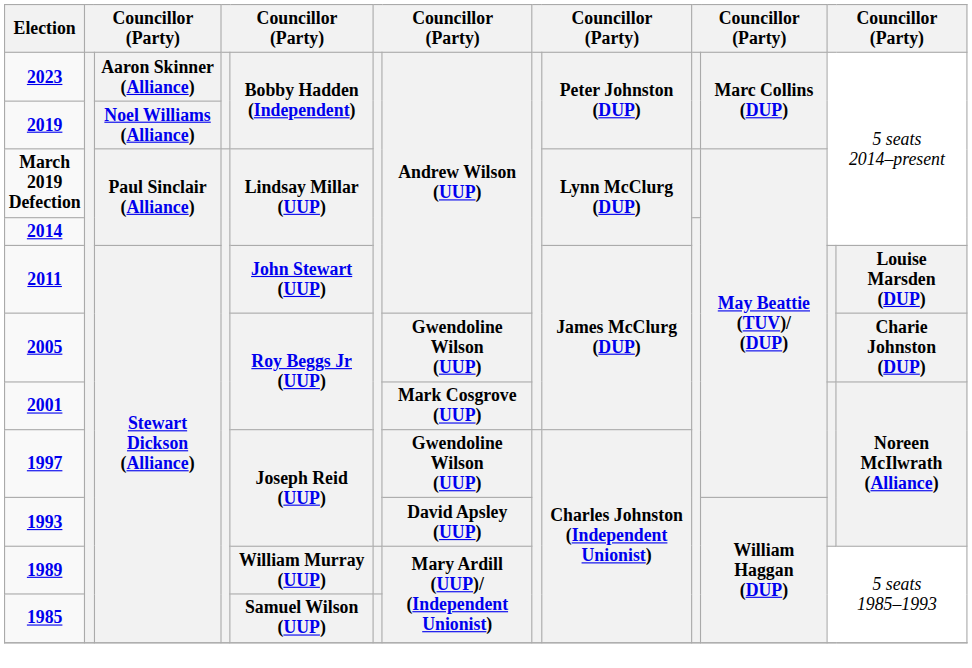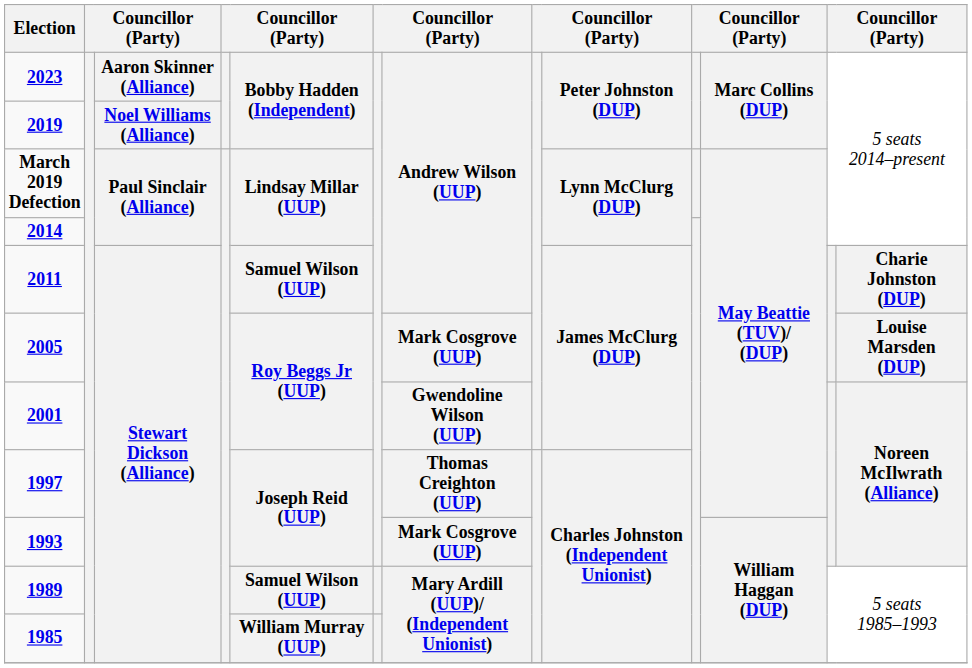 <table class="wikitable" style="text-align:center">
 <tr>
 <th scope="col" width="50">Election</th>
 <th scope="col" width="150" colspan = "2">Councillor<br> (Party)</th>
 <th scope="col" width="150" colspan = "2">Councillor<br> (Party)</th>
 <th scope="col" width="150" colspan = "2">Councillor<br> (Party)</th>
 <th scope="col" width="150" colspan = "2">Councillor<br> (Party)</th>
 <th scope="col" width="150" colspan = "2">Councillor<br> (Party)</th>
 <th scope="col" width="150" colspan = "2">Councillor<br> (Party)</th>
 </tr>
 <tr>
 <td><strong><a href='#'>2023</a></strong></td>
 <th rowspan="11" width="1" style="background-color: "></th>
 <th rowspan = "1">Aaron Skinner <br> (<a href='#'>Alliance</a>)</th>
 <th rowspan="2" width="1" style="background-color: "></th>
 <th rowspan = "2">Bobby Hadden <br> (<a href='#'>Independent</a>)</th>
 <th rowspan="9" width="1" style="background-color: "></th>
 <th rowspan = "5">Andrew Wilson <br> (<a href='#'>UUP</a>)</th>
 <th rowspan="7" width="1" style="background-color: "></th>
 <th rowspan = "2">Peter Johnston <br> (<a href='#'>DUP</a>)</th>
 <th rowspan="2" width="1" style="background-color: "></th>
 <th rowspan = "2">Marc Collins <br> (<a href='#'>DUP</a>)</th>
 <td colspan="3" rowspan="4" style="background-color:#FFFFFF"><em>5 seats<br>2014–present</em></td>
 </tr>
 <tr>
 <td><strong><a href='#'>2019</a></strong></td>
 <th rowspan = "1"><a href='#'>Noel Williams</a> <br> (<a href='#'>Alliance</a>)</th>
 </tr>
 <tr>
 <td><strong>March 2019 Defection</strong></td>
 <th rowspan = "2">Paul Sinclair <br> (<a href='#'>Alliance</a>)</th>
 <th rowspan="9" width="1" style="background-color: "></th>
 <th rowspan = "2">Lindsay Millar <br> (<a href='#'>UUP</a>)</th>
 <th rowspan = "2">Lynn McClurg <br> (<a href='#'>DUP</a>)</th>
 <th rowspan="1" width="1" style="background-color: "></th>
 <th rowspan = "6"><a href='#'>May Beattie</a> <br> (<a href='#'>TUV</a>)/ <br> (<a href='#'>DUP</a>)</th>
 </tr>
 <tr>
 <td><strong><a href='#'>2014</a></strong></td>
 <th rowspan="8" width="1" style="background-color: "></th>
 </tr>
 <tr>
 <td><strong><a href='#'>2011</a></strong></td>
 <th rowspan = "7"><a href='#'>Stewart Dickson</a> <br> (<a href='#'>Alliance</a>)</th>
-<th rowspan = "1"><a href='#'>John Stewart</a> <br> (<a href='#'>UUP</a>)</th>
+<th rowspan = "1">Samuel Wilson <br> (<a href='#'>UUP</a>)</th>
 <th rowspan = "3">James McClurg <br> (<a href='#'>DUP</a>)</th>
 <th rowspan="2" width="1" style="background-color: "></th>
-<th rowspan = "1">Louise Marsden <br> (<a href='#'>DUP</a>)</th>
+<th rowspan = "1">Charie Johnston <br> (<a href='#'>DUP</a>)</th>
 </tr>
 <tr>
 <td><strong><a href='#'>2005</a></strong></td>
 <th rowspan = "2"><a href='#'>Roy Beggs Jr</a> <br> (<a href='#'>UUP</a>)</th>
-<th rowspan = "1">Gwendoline Wilson <br> (<a href='#'>UUP</a>)</th>
-<th rowspan = "1">Charie Johnston <br> (<a href='#'>DUP</a>)</th>
+<th rowspan = "1">Mark Cosgrove <br> (<a href='#'>UUP</a>)</th>
+<th rowspan = "1">Louise Marsden <br> (<a href='#'>DUP</a>)</th>
 </tr>
 <tr>
 <td><strong><a href='#'>2001</a></strong></td>
-<th rowspan = "1">Mark Cosgrove <br> (<a href='#'>UUP</a>)</th>
+<th rowspan = "1">Gwendoline Wilson <br> (<a href='#'>UUP</a>)</th>
 <th rowspan="3" width="1" style="background-color: "></th>
 <th rowspan = "3">Noreen McIlwrath <br> (<a href='#'>Alliance</a>)</th>
 </tr>
 <tr>
 <td><strong><a href='#'>1997</a></strong></td>
 <th rowspan = "2">Joseph Reid <br> (<a href='#'>UUP</a>)</th>
-<th rowspan = "1">Gwendoline Wilson <br> (<a href='#'>UUP</a>)</th>
+<th rowspan = "1">Thomas Creighton <br> (<a href='#'>UUP</a>)</th>
 <th rowspan="4" width="1" style="background-color: "></th>
 <th rowspan = "4">Charles Johnston <br> (<a href='#'>Independent Unionist</a>)</th>
 </tr>
 <tr>
 <td><strong><a href='#'>1993</a></strong></td>
-<th rowspan = "1">David Apsley <br> (<a href='#'>UUP</a>)</th>
+<th rowspan = "1">Mark Cosgrove <br> (<a href='#'>UUP</a>)</th>
 <th rowspan = "3">William Haggan <br> (<a href='#'>DUP</a>)</th>
 </tr>
 <tr>
 <td><strong><a href='#'>1989</a></strong></td>
-<th rowspan = "1">William Murray <br> (<a href='#'>UUP</a>)</th>
+<th rowspan = "1">Samuel Wilson <br> (<a href='#'>UUP</a>)</th>
 <th rowspan="1" width="1" style="background-color: "></th>
 <th rowspan = "2">Mary Ardill <br> (<a href='#'>UUP</a>)/ <br> (<a href='#'>Independent Unionist</a>)</th>
 <td colspan="3" rowspan="2" style="background-color:#FFFFFF"><em>5 seats<br>1985–1993</em></td>
 </tr>
 <tr>
 <td><strong><a href='#'>1985</a></strong></td>
-<th rowspan = "1">Samuel Wilson <br> (<a href='#'>UUP</a>)</th>
+<th rowspan = "1">William Murray <br> (<a href='#'>UUP</a>)</th>
 <th rowspan="1" width="1" style="background-color: "></th>
 </tr>
 <tr>
 </tr>
 </table>
